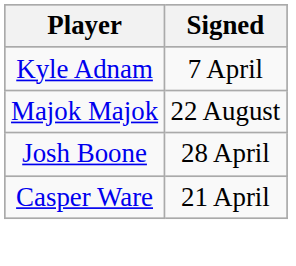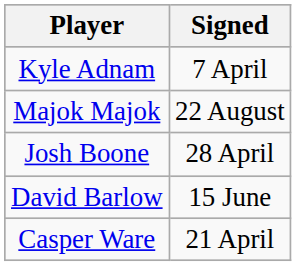 <table class="wikitable sortable sortable" style="text-align: center">
 <tr>
 <th>Player</th>
 <th>Signed</th>
 </tr>
 <tr>
 <td><a href='#'>Kyle Adnam</a></td>
 <td>7 April</td>
 </tr>
 <tr>
 <td><a href='#'>Majok Majok</a></td>
 <td>22 August</td>
 </tr>
 <tr>
 <td><a href='#'>Josh Boone</a></td>
 <td>28 April</td>
 </tr>
 <tr>
+<td><a href='#'>David Barlow</a></td>
+<td>15 June</td>
+</tr>
+<tr>
 <td><a href='#'>Casper Ware</a></td>
 <td>21 April</td>
 </tr>
 </table>
